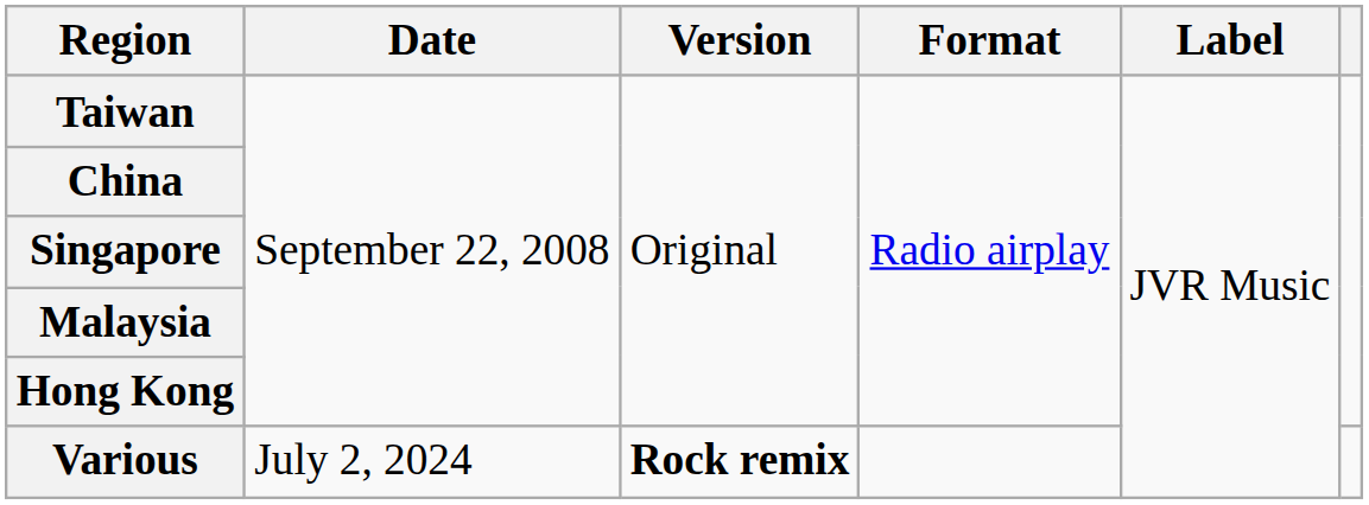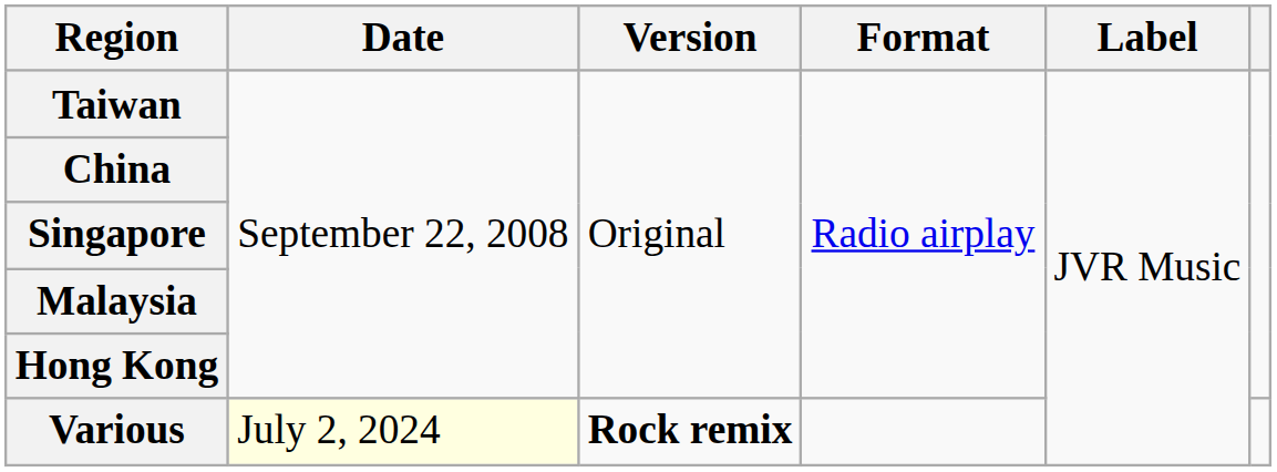 <table class="wikitable plainrowheaders">
 <tr>
 <th>Region</th>
 <th>Date</th>
 <th>Version</th>
 <th>Format</th>
 <th>Label</th>
 <th></th>
 </tr>
 <tr>
 <th scope="row">Taiwan</th>
 <td rowspan="5">September 22, 2008</td>
 <td rowspan="5">Original</td>
 <td rowspan="5"><a href='#'>Radio airplay</a></td>
 <td rowspan="6">JVR Music</td>
 <td rowspan="5" align="center"></td>
 </tr>
 <tr>
 <th scope="row">China</th>
 </tr>
 <tr>
 <th scope="row">Singapore</th>
 </tr>
 <tr>
 <th scope="row">Malaysia</th>
 </tr>
 <tr>
 <th scope="row">Hong Kong</th>
 </tr>
 <tr>
 <th scope="row">Various</th>
-<td>July 2, 2024</td>
+<td style="background: lightyellow;">July 2, 2024</td>
 <td><strong>Rock remix</strong></td>
 <td></td>
 <td></td>
 </tr>
 </table>
